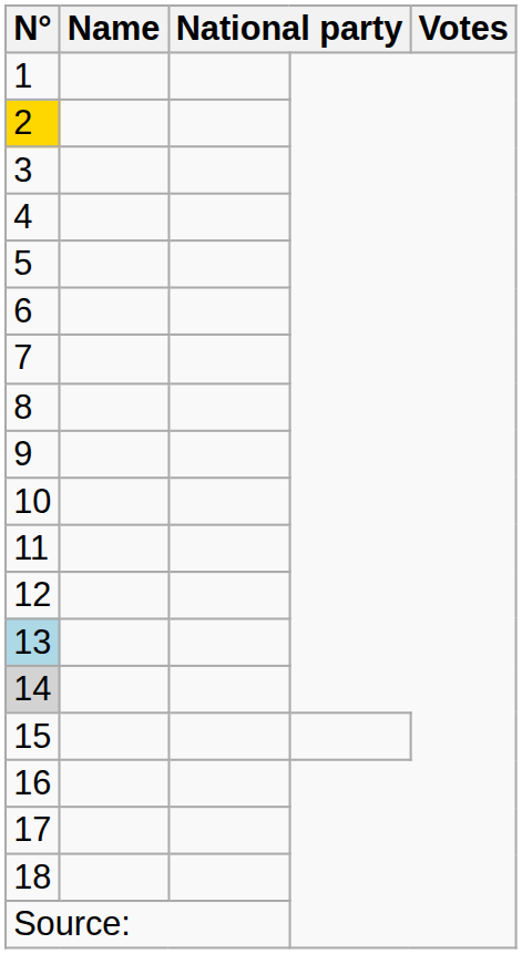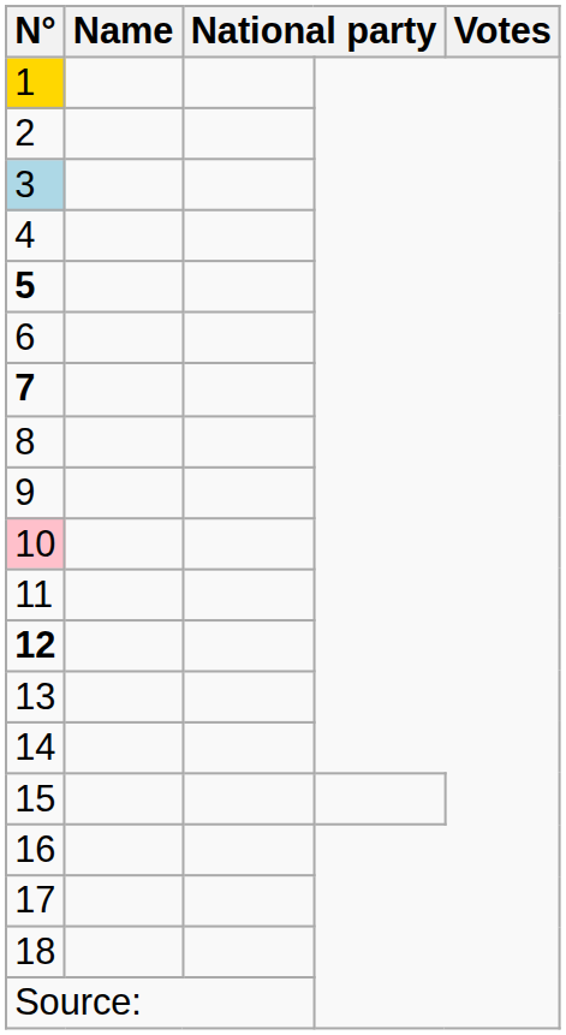 <table class="wikitable sortable" style="font-size:95%;line-height:14px;">
 <tr>
 <th>N°</th>
 <th>Name</th>
 <th colspan="2">National party</th>
 <th>Votes</th>
 </tr>
 <tr>
-<td>1</td>
+<td style="background: gold;">1</td>
 <td></td>
 <td></td>
 </tr>
 <tr>
-<td style="background: gold;">2</td>
+<td>2</td>
 <td><em></em></td>
 <td></td>
 </tr>
 <tr>
-<td>3</td>
+<td style="background: lightblue;">3</td>
 <td><em></em></td>
 <td></td>
 </tr>
 <tr>
 <td>4</td>
 <td><em></em></td>
 <td></td>
 </tr>
 <tr>
-<td>5</td>
+<td><strong>5</strong></td>
 <td><em></em></td>
 <td></td>
 </tr>
 <tr>
 <td>6</td>
 <td></td>
 <td></td>
 </tr>
 <tr>
-<td>7</td>
+<td><strong>7</strong></td>
 <td></td>
 <td></td>
 </tr>
 <tr>
 <td>8</td>
 <td></td>
 <td></td>
 </tr>
 <tr>
 <td>9</td>
 <td></td>
 <td></td>
 </tr>
 <tr>
-<td>10</td>
+<td style="background: pink;">10</td>
 <td></td>
 <td></td>
 </tr>
 <tr>
 <td>11</td>
 <td></td>
 <td></td>
 </tr>
 <tr>
-<td>12</td>
+<td><strong>12</strong></td>
 <td></td>
 <td></td>
 </tr>
 <tr>
-<td style="background: lightblue;">13</td>
+<td>13</td>
 <td></td>
 <td></td>
 </tr>
 <tr>
-<td style="background: lightgrey;">14</td>
+<td>14</td>
 <td></td>
 <td></td>
 </tr>
 <tr>
 <td>15</td>
 <td></td>
 <td></td>
 <td></td>
 </tr>
 <tr>
 <td>16</td>
 <td></td>
 <td></td>
 </tr>
 <tr>
 <td>17</td>
 <td></td>
 <td></td>
 </tr>
 <tr>
 <td>18</td>
 <td></td>
 <td></td>
 </tr>
 <tr>
 <td colspan="3">Source: </td>
 </tr>
 </table>
